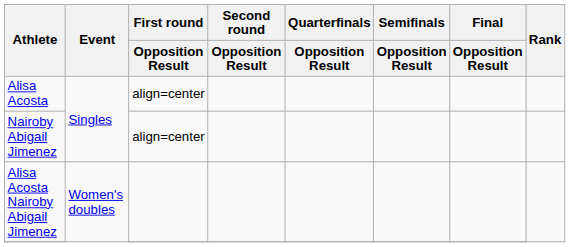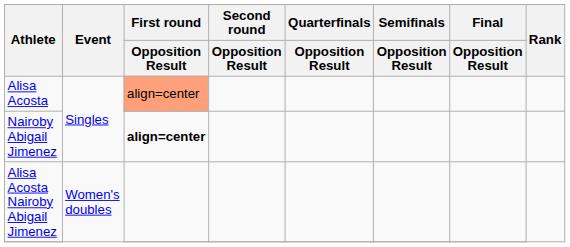 <table class="wikitable" style="font-size:90%">
 <tr>
 <th rowspan="2">Athlete</th>
 <th rowspan="2">Event</th>
 <th>First round</th>
 <th>Second round</th>
 <th>Quarterfinals</th>
 <th>Semifinals</th>
 <th>Final</th>
 <th rowspan="2">Rank</th>
 </tr>
 <tr>
 <th>Opposition<br>Result</th>
 <th>Opposition<br>Result</th>
 <th>Opposition<br>Result</th>
 <th>Opposition<br>Result</th>
 <th>Opposition<br>Result</th>
 </tr>
 <tr>
 <td><a href='#'>Alisa Acosta</a></td>
 <td rowspan=2><a href='#'>Singles</a></td>
-<td>align=center </td>
+<td style="background: lightsalmon;">align=center </td>
 <td></td>
 <td></td>
 <td></td>
 <td></td>
 <td></td>
 </tr>
 <tr>
 <td><a href='#'>Nairoby Abigail Jimenez</a></td>
-<td>align=center </td>
+<td><strong>align=center </strong></td>
 <td></td>
 <td></td>
 <td></td>
 <td></td>
 <td></td>
 </tr>
 <tr>
 <td><a href='#'>Alisa Acosta</a><br><a href='#'>Nairoby Abigail Jimenez</a></td>
 <td rowspan=2><a href='#'>Women's doubles</a></td>
 <td><br></td>
 <td></td>
 <td></td>
 <td></td>
 <td></td>
 </tr>
 <tr>
 </tr>
 </table>
